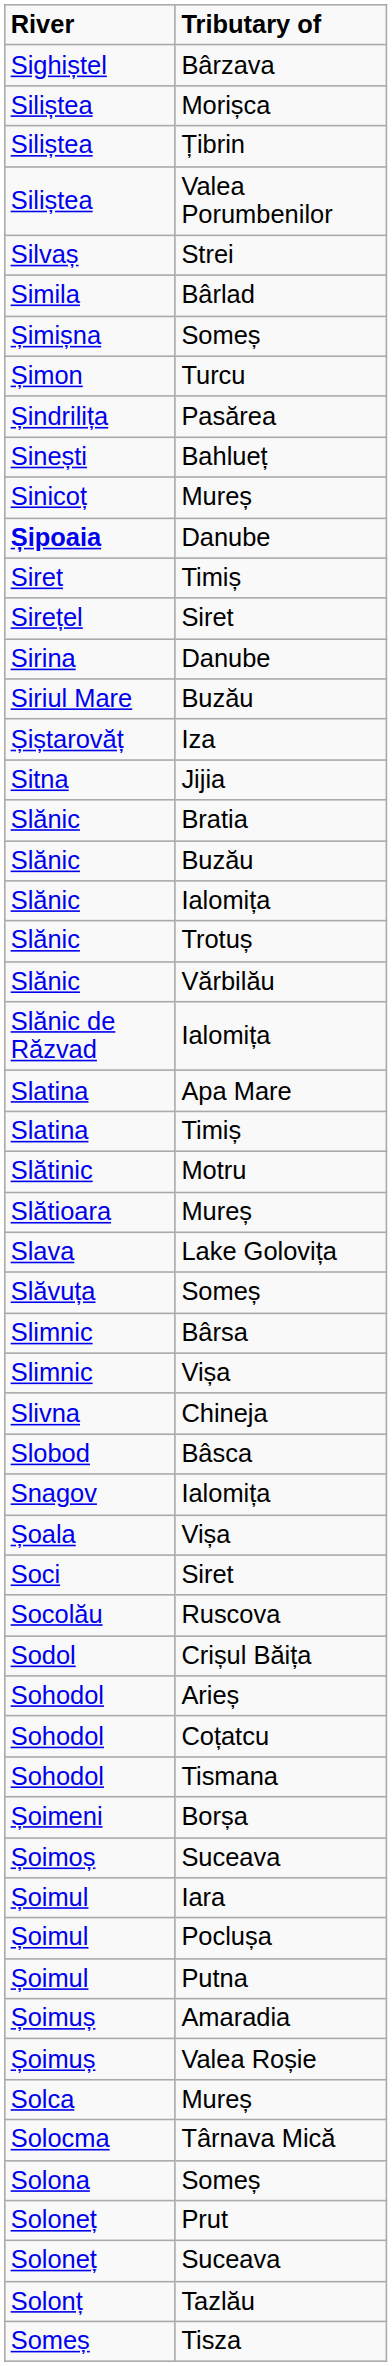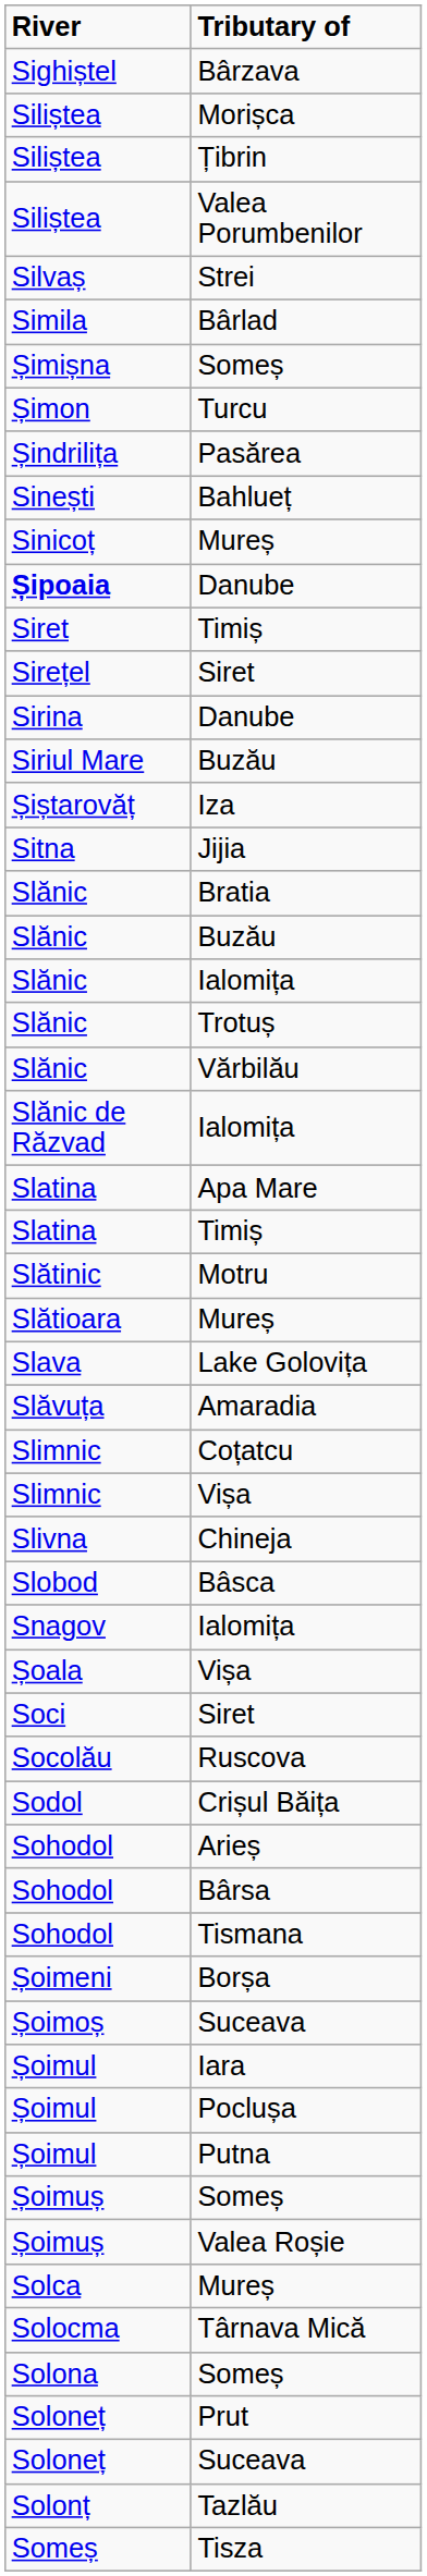 <table class="wikitable">
 <tr>
 <td width="100pt"><strong>River</strong></td>
 <td width="125pt"><strong>Tributary of</strong></td>
 </tr>
 <tr>
 <td><a href='#'>Sighiștel</a></td>
 <td>Bârzava</td>
 </tr>
 <tr>
 <td><a href='#'>Siliștea</a></td>
 <td>Morișca</td>
 </tr>
 <tr>
 <td><a href='#'>Siliștea</a></td>
 <td>Țibrin</td>
 </tr>
 <tr>
 <td><a href='#'>Siliștea</a></td>
 <td>Valea Porumbenilor</td>
 </tr>
 <tr>
 <td><a href='#'>Silvaș</a></td>
 <td>Strei</td>
 </tr>
 <tr>
 <td><a href='#'>Simila</a></td>
 <td>Bârlad</td>
 </tr>
 <tr>
 <td><a href='#'>Șimișna</a></td>
 <td>Someș</td>
 </tr>
 <tr>
 <td><a href='#'>Șimon</a></td>
 <td>Turcu</td>
 </tr>
 <tr>
 <td><a href='#'>Șindrilița</a></td>
 <td>Pasărea</td>
 </tr>
 <tr>
 <td><a href='#'>Sinești</a></td>
 <td>Bahlueț</td>
 </tr>
 <tr>
 <td><a href='#'>Sinicoț</a></td>
 <td>Mureș</td>
 </tr>
 <tr>
 <td><strong><a href='#'>Șipoaia</a></strong></td>
 <td>Danube</td>
 </tr>
 <tr>
 <td><a href='#'>Siret</a></td>
 <td>Timiș</td>
 </tr>
 <tr>
 <td><a href='#'>Sirețel</a></td>
 <td>Siret</td>
 </tr>
 <tr>
 <td><a href='#'>Sirina</a></td>
 <td>Danube</td>
 </tr>
 <tr>
 <td><a href='#'>Siriul Mare</a></td>
 <td>Buzău</td>
 </tr>
 <tr>
 <td><a href='#'>Șiștarovăț</a></td>
 <td>Iza</td>
 </tr>
 <tr>
 <td><a href='#'>Sitna</a></td>
 <td>Jijia</td>
 </tr>
 <tr>
 <td><a href='#'>Slănic</a></td>
 <td>Bratia</td>
 </tr>
 <tr>
 <td><a href='#'>Slănic</a></td>
 <td>Buzău</td>
 </tr>
 <tr>
 <td><a href='#'>Slănic</a></td>
 <td>Ialomița</td>
 </tr>
 <tr>
 <td><a href='#'>Slănic</a></td>
 <td>Trotuș</td>
 </tr>
 <tr>
 <td><a href='#'>Slănic</a></td>
 <td>Vărbilău</td>
 </tr>
 <tr>
 <td><a href='#'>Slănic de Răzvad</a></td>
 <td>Ialomița</td>
 </tr>
 <tr>
 <td><a href='#'>Slatina</a></td>
 <td>Apa Mare</td>
 </tr>
 <tr>
 <td><a href='#'>Slatina</a></td>
 <td>Timiș</td>
 </tr>
 <tr>
 <td><a href='#'>Slătinic</a></td>
 <td>Motru</td>
 </tr>
 <tr>
 <td><a href='#'>Slătioara</a></td>
 <td>Mureș</td>
 </tr>
 <tr>
 <td><a href='#'>Slava</a></td>
 <td>Lake Golovița</td>
 </tr>
 <tr>
 <td><a href='#'>Slăvuța</a></td>
-<td>Someș</td>
+<td>Amaradia</td>
 </tr>
 <tr>
 <td><a href='#'>Slimnic</a></td>
-<td>Bârsa</td>
+<td>Coțatcu</td>
 </tr>
 <tr>
 <td><a href='#'>Slimnic</a></td>
 <td>Vișa</td>
 </tr>
 <tr>
 <td><a href='#'>Slivna</a></td>
 <td>Chineja</td>
 </tr>
 <tr>
 <td><a href='#'>Slobod</a></td>
 <td>Bâsca</td>
 </tr>
 <tr>
 <td><a href='#'>Snagov</a></td>
 <td>Ialomița</td>
 </tr>
 <tr>
 <td><a href='#'>Șoala</a></td>
 <td>Vișa</td>
 </tr>
 <tr>
 <td><a href='#'>Soci</a></td>
 <td>Siret</td>
 </tr>
 <tr>
 <td><a href='#'>Socolău</a></td>
 <td>Ruscova</td>
 </tr>
 <tr>
 <td><a href='#'>Sodol</a></td>
 <td>Crișul Băița</td>
 </tr>
 <tr>
 <td><a href='#'>Sohodol</a></td>
 <td>Arieș</td>
 </tr>
 <tr>
 <td><a href='#'>Sohodol</a></td>
-<td>Coțatcu</td>
+<td>Bârsa</td>
 </tr>
 <tr>
 <td><a href='#'>Sohodol</a></td>
 <td>Tismana</td>
 </tr>
 <tr>
 <td><a href='#'>Șoimeni</a></td>
 <td>Borșa</td>
 </tr>
 <tr>
 <td><a href='#'>Șoimoș</a></td>
 <td>Suceava</td>
 </tr>
 <tr>
 <td><a href='#'>Șoimul</a></td>
 <td>Iara</td>
 </tr>
 <tr>
 <td><a href='#'>Șoimul</a></td>
 <td>Poclușa</td>
 </tr>
 <tr>
 <td><a href='#'>Șoimul</a></td>
 <td>Putna</td>
 </tr>
 <tr>
 <td><a href='#'>Șoimuș</a></td>
-<td>Amaradia</td>
+<td>Someș</td>
 </tr>
 <tr>
 <td><a href='#'>Șoimuș</a></td>
 <td>Valea Roșie</td>
 </tr>
 <tr>
 <td><a href='#'>Solca</a></td>
 <td>Mureș</td>
 </tr>
 <tr>
 <td><a href='#'>Solocma</a></td>
 <td>Târnava Mică</td>
 </tr>
 <tr>
 <td><a href='#'>Solona</a></td>
 <td>Someș</td>
 </tr>
 <tr>
 <td><a href='#'>Soloneț</a></td>
 <td>Prut</td>
 </tr>
 <tr>
 <td><a href='#'>Soloneț</a></td>
 <td>Suceava</td>
 </tr>
 <tr>
 <td><a href='#'>Solonț</a></td>
 <td>Tazlău</td>
 </tr>
 <tr>
 <td><a href='#'>Someș</a></td>
 <td>Tisza</td>
 </tr>
 </table>
